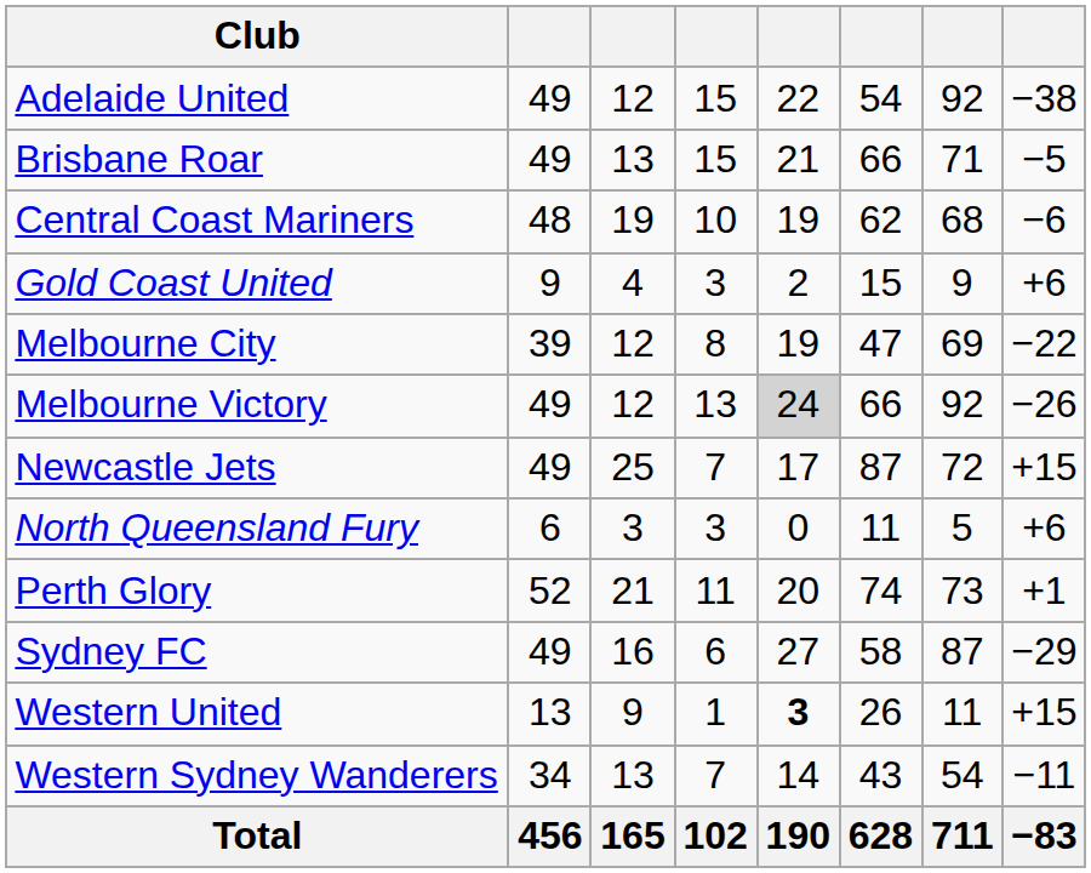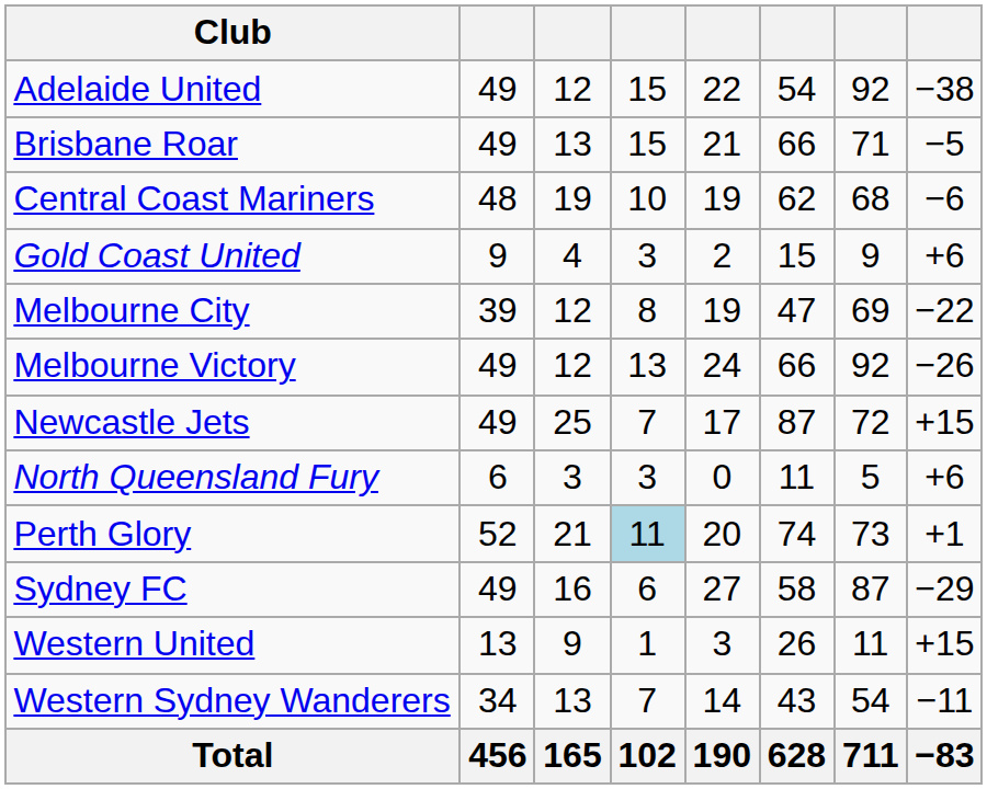 <table class="wikitable sortable" style="text-align:center;">
 <tr>
 <th width=200>Club</th>
 <th width=20></th>
 <th width=20></th>
 <th width=20></th>
 <th width=20></th>
 <th width=20></th>
 <th width=20></th>
 <th width=20></th>
 </tr>
 <tr>
 <td align=left> <a href='#'>Adelaide United</a></td>
 <td>49</td>
 <td>12</td>
 <td>15</td>
 <td>22</td>
 <td>54</td>
 <td>92</td>
 <td>−38</td>
 </tr>
 <tr>
 <td align=left> <a href='#'>Brisbane Roar</a></td>
 <td>49</td>
 <td>13</td>
 <td>15</td>
 <td>21</td>
 <td>66</td>
 <td>71</td>
 <td>−5</td>
 </tr>
 <tr>
 <td align=left> <a href='#'>Central Coast Mariners</a></td>
 <td>48</td>
 <td>19</td>
 <td>10</td>
 <td>19</td>
 <td>62</td>
 <td>68</td>
 <td>−6</td>
 </tr>
 <tr>
 <td align=left> <em><a href='#'>Gold Coast United</a></em></td>
 <td>9</td>
 <td>4</td>
 <td>3</td>
 <td>2</td>
 <td>15</td>
 <td>9</td>
 <td>+6</td>
 </tr>
 <tr>
 <td align=left> <a href='#'>Melbourne City</a></td>
 <td>39</td>
 <td>12</td>
 <td>8</td>
 <td>19</td>
 <td>47</td>
 <td>69</td>
 <td>−22</td>
 </tr>
 <tr>
 <td align=left> <a href='#'>Melbourne Victory</a></td>
 <td>49</td>
 <td>12</td>
 <td>13</td>
-<td style="background: lightgrey;">24</td>
+<td>24</td>
 <td>66</td>
 <td>92</td>
 <td>−26</td>
 </tr>
 <tr>
 <td align=left> <a href='#'>Newcastle Jets</a></td>
 <td>49</td>
 <td>25</td>
 <td>7</td>
 <td>17</td>
 <td>87</td>
 <td>72</td>
 <td>+15</td>
 </tr>
 <tr>
 <td align=left> <em><a href='#'>North Queensland Fury</a></em></td>
 <td>6</td>
 <td>3</td>
 <td>3</td>
 <td>0</td>
 <td>11</td>
 <td>5</td>
 <td>+6</td>
 </tr>
 <tr>
 <td align=left> <a href='#'>Perth Glory</a></td>
 <td>52</td>
 <td>21</td>
-<td>11</td>
+<td style="background: lightblue;">11</td>
 <td>20</td>
 <td>74</td>
 <td>73</td>
 <td>+1</td>
 </tr>
 <tr>
 <td align=left> <a href='#'>Sydney FC</a></td>
 <td>49</td>
 <td>16</td>
 <td>6</td>
 <td>27</td>
 <td>58</td>
 <td>87</td>
 <td>−29</td>
 </tr>
 <tr>
 <td align=left><a href='#'>Western United</a></td>
 <td>13</td>
 <td>9</td>
 <td>1</td>
-<td><strong>3</strong></td>
+<td>3</td>
 <td>26</td>
 <td>11</td>
 <td>+15</td>
 </tr>
 <tr>
 <td align=left> <a href='#'>Western Sydney Wanderers</a></td>
 <td>34</td>
 <td>13</td>
 <td>7</td>
 <td>14</td>
 <td>43</td>
 <td>54</td>
 <td>−11</td>
 </tr>
 <tr>
 <th align=left>Total</th>
 <th>456</th>
 <th>165</th>
 <th>102</th>
 <th>190</th>
 <th>628</th>
 <th>711</th>
 <th>−83</th>
 </tr>
 </table>
